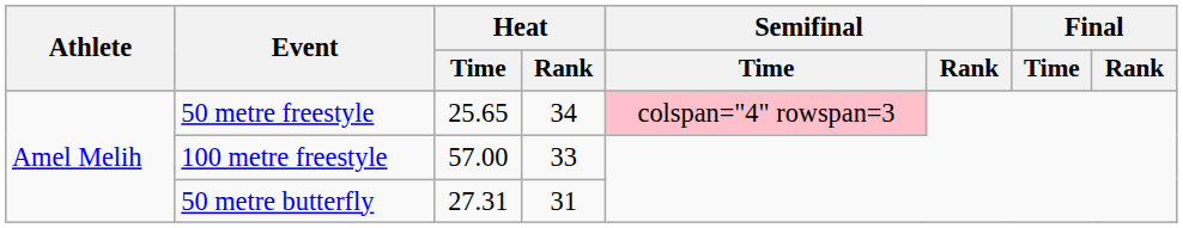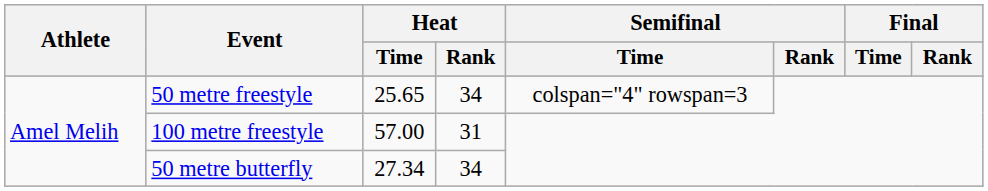 <table class="wikitable" style="text-align:center; font-size:90%; width:50%;">
 <tr>
 <th rowspan="2">Athlete</th>
 <th rowspan="2">Event</th>
 <th colspan="2">Heat</th>
 <th colspan="2">Semifinal</th>
 <th colspan="2">Final</th>
 </tr>
 <tr style="font-size:95%">
 <th>Time</th>
 <th>Rank</th>
 <th>Time</th>
 <th>Rank</th>
 <th>Time</th>
 <th>Rank</th>
 </tr>
 <tr>
 <td align=left rowspan=3><a href='#'>Amel Melih</a></td>
 <td align=left><a href='#'>50 metre freestyle</a></td>
 <td>25.65</td>
 <td>34</td>
-<td style="background: pink;">colspan="4" rowspan=3 </td>
+<td>colspan="4" rowspan=3 </td>
 </tr>
 <tr>
 <td align=left><a href='#'>100 metre freestyle</a></td>
 <td>57.00</td>
-<td>33</td>
+<td>31</td>
 </tr>
 <tr>
 <td align=left><a href='#'>50 metre butterfly</a></td>
-<td>27.31</td>
-<td>31</td>
+<td>27.34</td>
+<td>34</td>
 </tr>
 </table>
